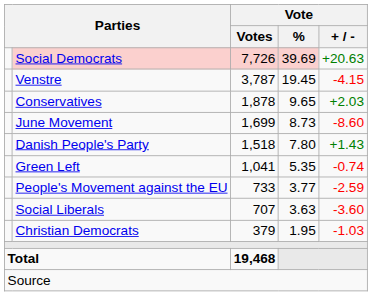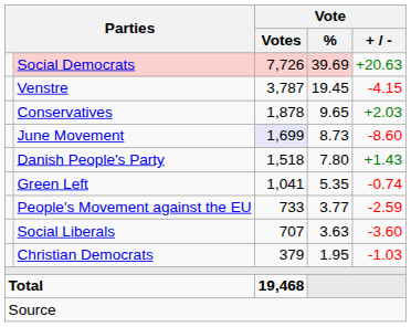 <table class="wikitable" style="text-align:right;">
 <tr>
 <th style="text-align:centre;" rowspan="2" colspan="2" width="225">Parties</th>
 <th colspan="3">Vote</th>
 </tr>
 <tr>
 <th width="15">Votes</th>
 <th width="15">%</th>
 <th width="15">+ / -</th>
 </tr>
 <tr>
 <td width="2" style="color:inherit;background:"></td>
 <td bgcolor=#fbd0ce   align="left"><a href='#'>Social Democrats</a></td>
 <td bgcolor=#fbd0ce>7,726</td>
 <td bgcolor=#fbd0ce>39.69</td>
 <td style=color:green;>+20.63</td>
 </tr>
 <tr>
 <td width="2" style="color:inherit;background:"></td>
 <td align="left"><a href='#'>Venstre</a></td>
 <td>3,787</td>
 <td>19.45</td>
 <td style=color:red;>-4.15</td>
 </tr>
 <tr>
 <td width="2" style="color:inherit;background:"></td>
 <td align="left"><a href='#'>Conservatives</a></td>
 <td>1,878</td>
 <td>9.65</td>
 <td style=color:green;>+2.03</td>
 </tr>
 <tr>
 <td width="2" style="color:inherit;background:"></td>
 <td align="left"><a href='#'>June Movement</a></td>
-<td>1,699</td>
+<td style="background: lavender;">1,699</td>
 <td>8.73</td>
 <td style=color:red;>-8.60</td>
 </tr>
 <tr>
 <td width="2" style="color:inherit;background:"></td>
 <td align="left"><a href='#'>Danish People's Party</a></td>
 <td>1,518</td>
 <td>7.80</td>
 <td style=color:green;>+1.43</td>
 </tr>
 <tr>
 <td width="2" style="color:inherit;background:"></td>
 <td align="left"><a href='#'>Green Left</a></td>
 <td>1,041</td>
 <td>5.35</td>
 <td style=color:red;>-0.74</td>
 </tr>
 <tr>
 <td width="2" style="color:inherit;background:"></td>
 <td align="left"><a href='#'>People's Movement against the EU</a></td>
 <td>733</td>
 <td>3.77</td>
 <td style=color:red;>-2.59</td>
 </tr>
 <tr>
 <td width="2" style="color:inherit;background:"></td>
 <td align="left"><a href='#'>Social Liberals</a></td>
 <td>707</td>
 <td>3.63</td>
 <td style=color:red;>-3.60</td>
 </tr>
 <tr>
 <td width="2" style="color:inherit;background:"></td>
 <td align="left"><a href='#'>Christian Democrats</a></td>
 <td>379</td>
 <td>1.95</td>
 <td style=color:red;>-1.03</td>
 </tr>
 <tr>
 <td colspan="7" bgcolor="#E9E9E9"></td>
 </tr>
 <tr>
 <td align="left" colspan="2"><strong>Total</strong></td>
 <td><strong>19,468</strong></td>
 <td bgcolor="#E9E9E9" colspan="2"></td>
 </tr>
 <tr>
 <td align="left" colspan="6">Source</td>
 </tr>
 </table>
